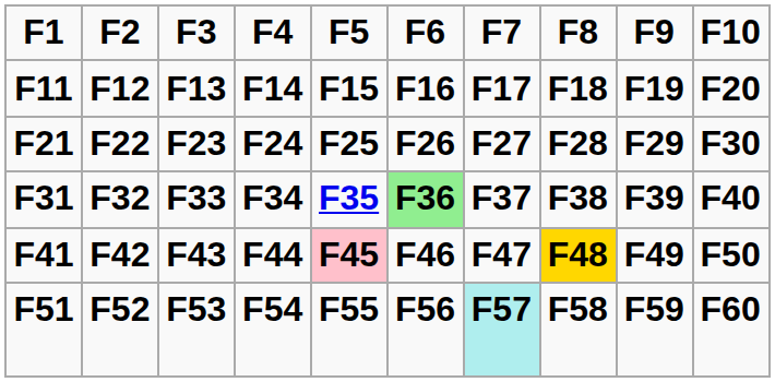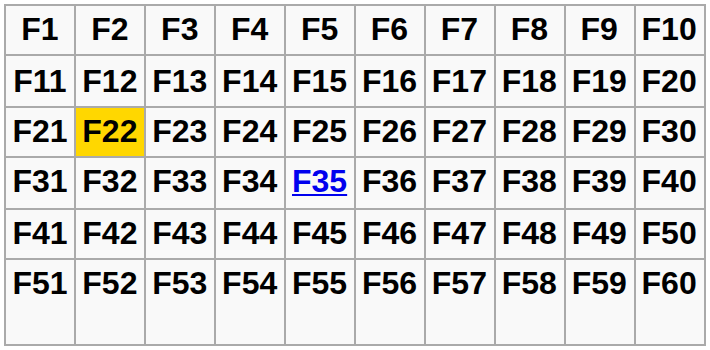 <table class="wikitable" style="text-align: center;">
 <tr valign="top">
 <td><strong>F1</strong><br></td>
 <td><strong>F2</strong><br></td>
 <td><strong>F3</strong><br></td>
 <td><strong>F4</strong><br></td>
 <td><strong>F5</strong><br></td>
 <td><strong>F6</strong><br></td>
 <td><strong>F7</strong><br></td>
 <td><strong>F8</strong><br></td>
 <td><strong>F9</strong><br></td>
 <td><strong>F10</strong><br></td>
 </tr>
 <tr valign="top">
 <td><strong>F11</strong><br></td>
 <td><strong>F12</strong><br></td>
 <td><strong>F13</strong><br></td>
 <td><strong>F14</strong><br></td>
 <td><strong>F15</strong><br></td>
 <td><strong>F16</strong><br></td>
 <td><strong>F17</strong><br></td>
 <td><strong>F18</strong><br></td>
 <td><strong>F19</strong><br></td>
 <td><strong>F20</strong><br></td>
 </tr>
 <tr valign="top">
 <td><strong>F21</strong><br></td>
-<td><strong>F22</strong><br></td>
+<td style="background: gold;"><strong>F22</strong><br></td>
 <td><strong>F23</strong><br></td>
 <td><strong>F24</strong><br></td>
 <td><strong>F25</strong><br></td>
 <td><strong>F26</strong><br></td>
 <td><strong>F27</strong><br></td>
 <td><strong>F28</strong><br></td>
 <td><strong>F29</strong><br></td>
 <td><strong>F30</strong><br></td>
 </tr>
 <tr valign="top">
 <td><strong>F31</strong><br></td>
 <td><strong>F32</strong><br></td>
 <td><strong>F33</strong><br></td>
 <td><strong>F34</strong><br></td>
 <td><strong><a href='#'>F35</a></strong><br></td>
-<td style="background: lightgreen;"><strong>F36</strong><br></td>
+<td><strong>F36</strong><br></td>
 <td><strong>F37</strong><br></td>
 <td><strong>F38</strong><br></td>
 <td><strong>F39</strong><br></td>
 <td><strong>F40</strong><br></td>
 </tr>
 <tr valign="top">
 <td><strong>F41</strong><br></td>
 <td><strong>F42</strong><br></td>
 <td><strong>F43</strong><br></td>
 <td><strong>F44</strong><br></td>
-<td style="background: pink;"><strong>F45</strong><br></td>
+<td><strong>F45</strong><br></td>
 <td><strong>F46</strong><br></td>
 <td><strong>F47</strong><br></td>
-<td style="background: gold;"><strong>F48</strong><br></td>
+<td><strong>F48</strong><br></td>
 <td><strong>F49</strong><br></td>
 <td><strong>F50</strong><br></td>
 </tr>
 <tr valign="top">
 <td><strong>F51</strong><br></td>
 <td><strong>F52</strong><br></td>
 <td><strong>F53</strong><br></td>
 <td><strong>F54</strong><br></td>
 <td><strong>F55</strong><br></td>
 <td><strong>F56</strong><br></td>
-<td style="background: paleturquoise;"><strong>F57</strong><br></td>
+<td><strong>F57</strong><br></td>
 <td><strong>F58</strong><br></td>
 <td><strong>F59</strong><br></td>
 <td><strong>F60</strong><br><br></td>
 </tr>
 </table>
